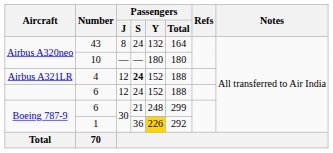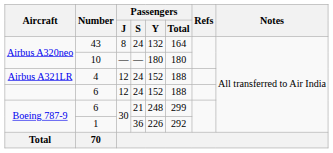 <table class="wikitable" style="text-align:center;margin:auto;">
 <tr>
 <th rowspan="2">Aircraft</th>
 <th rowspan="2">Number</th>
 <th colspan="4">Passengers</th>
 <th rowspan="2">Refs</th>
 <th rowspan="2">Notes</th>
 </tr>
 <tr>
 <th><abbr>J</abbr></th>
 <th><abbr>S</abbr></th>
 <th><abbr>Y</abbr></th>
 <th>Total</th>
 </tr>
 <tr>
 <td rowspan="2"><a href='#'>Airbus A320neo</a></td>
 <td>43</td>
 <td>8</td>
 <td>24</td>
 <td>132</td>
 <td>164</td>
 <td rowspan="2"></td>
 <td rowspan="6">All transferred to Air India</td>
 </tr>
 <tr>
 <td>10</td>
 <td>—</td>
 <td>—</td>
 <td>180</td>
 <td>180</td>
 </tr>
 <tr>
 <td><a href='#'>Airbus A321LR</a></td>
 <td>4</td>
 <td>12</td>
-<td><strong>24</strong></td>
+<td>24</td>
 <td>152</td>
 <td>188</td>
 <td></td>
 </tr>
 <tr>
 <td></td>
 <td>6</td>
 <td>12</td>
 <td>24</td>
 <td>152</td>
 <td>188</td>
 <td></td>
 </tr>
 <tr>
 <td rowspan="2"><a href='#'>Boeing 787-9</a></td>
 <td>6</td>
 <td rowspan="2">30</td>
 <td>21</td>
 <td>248</td>
 <td>299</td>
 <td rowspan="2"></td>
 </tr>
 <tr>
 <td>1</td>
 <td>36</td>
-<td style="background: gold;">226</td>
+<td>226</td>
 <td>292</td>
 </tr>
 <tr>
 <th>Total</th>
 <th>70</th>
 <th colspan="6"></th>
 </tr>
 </table>
